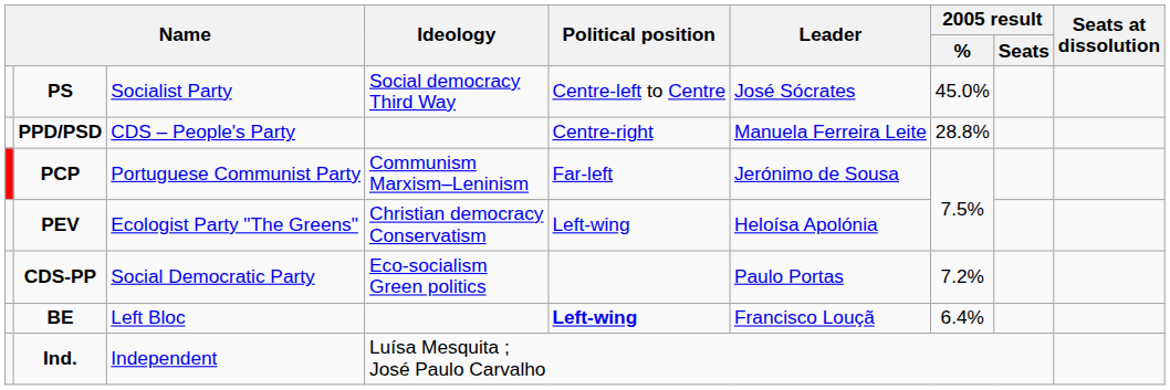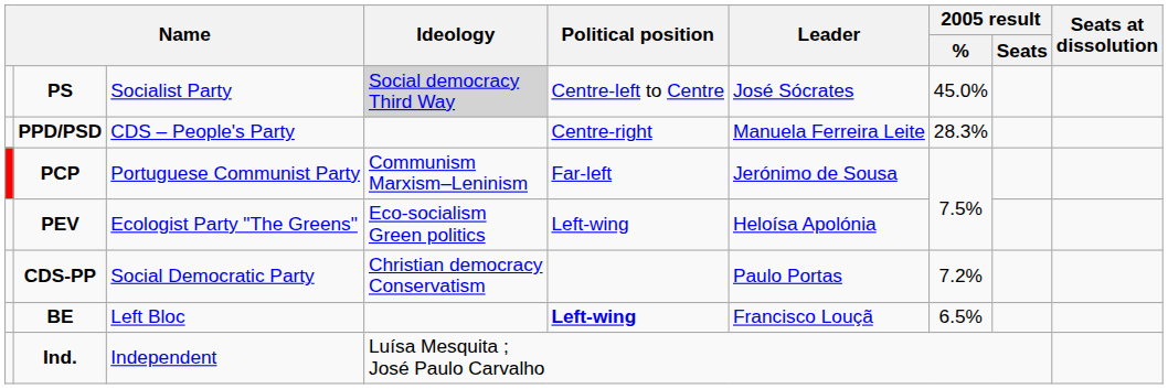 <table class="wikitable">
 <tr>
 <th rowspan="2" colspan="3">Name</th>
 <th rowspan="2">Ideology</th>
 <th rowspan="2">Political position</th>
 <th rowspan="2">Leader</th>
 <th colspan="2">2005 result</th>
 <th rowspan="2">Seats at<br>dissolution</th>
 </tr>
 <tr>
 <th>%</th>
 <th>Seats</th>
 </tr>
 <tr>
 <td style="background:"></td>
 <td style="text-align:center;"><strong>PS</strong></td>
 <td><a href='#'>Socialist Party</a><br></td>
-<td><a href='#'>Social democracy</a><br><a href='#'>Third Way</a></td>
+<td style="background: lightgrey;"><a href='#'>Social democracy</a><br><a href='#'>Third Way</a></td>
 <td><a href='#'>Centre-left</a> to <a href='#'>Centre</a></td>
 <td><a href='#'>José Sócrates</a></td>
 <td style="text-align:center;">45.0%</td>
 <td></td>
 <td></td>
 </tr>
 <tr>
 <td style="background:"></td>
 <td style="text-align:center;"><strong>PPD/PSD</strong></td>
 <td><a href='#'>CDS – People's Party</a><br></td>
 <td></td>
 <td><a href='#'>Centre-right</a></td>
 <td><a href='#'>Manuela Ferreira Leite</a></td>
-<td style="text-align:center;">28.8%</td>
+<td style="text-align:center;">28.3%</td>
 <td></td>
 <td></td>
 </tr>
 <tr>
 <td style="background:#f00;"></td>
 <td style="text-align:center;"><strong>PCP</strong></td>
 <td><a href='#'>Portuguese Communist Party</a><br></td>
 <td><a href='#'>Communism</a><br><a href='#'>Marxism–Leninism</a></td>
 <td><a href='#'>Far-left</a></td>
 <td><a href='#'>Jerónimo de Sousa</a></td>
 <td rowspan="2" style="text-align:center;"><br>7.5%<br></td>
 <td></td>
 <td></td>
 </tr>
 <tr>
 <td style="background:"></td>
 <td style="text-align:center;"><strong>PEV</strong></td>
 <td><a href='#'>Ecologist Party "The Greens"</a><br></td>
-<td><a href='#'>Christian democracy</a><br><a href='#'>Conservatism</a></td>
+<td><a href='#'>Eco-socialism</a><br><a href='#'>Green politics</a></td>
 <td><a href='#'>Left-wing</a></td>
 <td><a href='#'>Heloísa Apolónia</a></td>
 <td></td>
 <td></td>
 </tr>
 <tr>
 <td style="background:"></td>
 <td style="text-align:center;"><strong>CDS-PP</strong></td>
 <td><a href='#'>Social Democratic Party</a><br></td>
-<td><a href='#'>Eco-socialism</a><br><a href='#'>Green politics</a></td>
+<td><a href='#'>Christian democracy</a><br><a href='#'>Conservatism</a></td>
 <td></td>
 <td><a href='#'>Paulo Portas</a></td>
 <td style="text-align:center;">7.2%</td>
 <td></td>
 <td></td>
 </tr>
 <tr>
 <td style="background:"></td>
 <td style="text-align:center;"><strong>BE</strong></td>
 <td><a href='#'>Left Bloc</a><br></td>
 <td></td>
 <td><strong><a href='#'>Left-wing</a></strong></td>
 <td><a href='#'>Francisco Louçã</a></td>
-<td style="text-align:center;">6.4%</td>
+<td style="text-align:center;">6.5%</td>
 <td></td>
 <td></td>
 </tr>
 <tr>
 <td style="background:"></td>
 <td style="text-align:center;"><strong>Ind.</strong></td>
 <td><a href='#'>Independent</a><br></td>
 <td colspan="5">Luísa Mesquita ;<br>José Paulo Carvalho </td>
 <td></td>
 </tr>
 </table>
